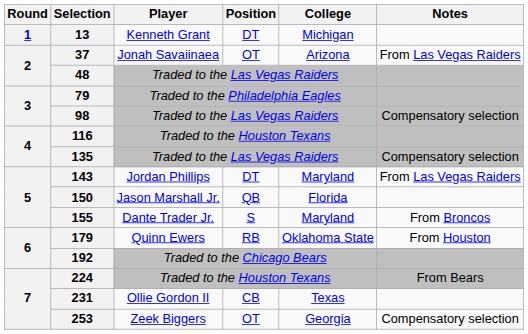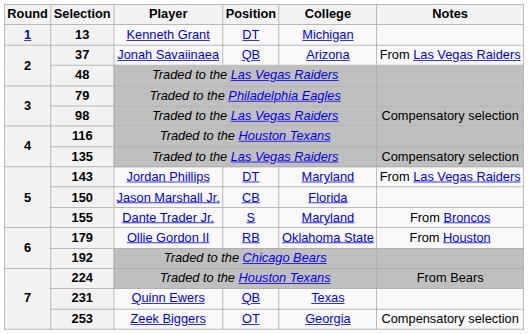 <table class="wikitable" style="text-align:center">
 <tr>
 <th>Round</th>
 <th>Selection</th>
 <th>Player</th>
 <th>Position</th>
 <th>College</th>
 <th>Notes</th>
 </tr>
 <tr>
 <th><a href='#'>1</a></th>
 <th>13</th>
 <td><a href='#'>Kenneth Grant</a></td>
 <td><a href='#'>DT</a></td>
 <td><a href='#'>Michigan</a></td>
 <td></td>
 </tr>
 <tr>
 <th rowspan="2">2</th>
 <th>37</th>
 <td><a href='#'>Jonah Savaiinaea</a></td>
-<td><a href='#'>OT</a></td>
+<td><a href='#'>QB</a></td>
 <td><a href='#'>Arizona</a></td>
 <td>From <a href='#'>Las Vegas Raiders</a></td>
 </tr>
 <tr>
 <th>48</th>
 <td colspan=3 style="background:#BFBFBF"><em>Traded to the <a href='#'>Las Vegas Raiders</a></em></td>
 <td style="background:#BFBFBF"></td>
 </tr>
 <tr>
 <th rowspan="2">3</th>
 <th>79</th>
 <td colspan=3 style="background:#BFBFBF"><em>Traded to the <a href='#'>Philadelphia Eagles</a></em></td>
 <td style="background:#BFBFBF"></td>
 </tr>
 <tr>
 <th>98</th>
 <td colspan=3 style="background:#BFBFBF"><em>Traded to the <a href='#'>Las Vegas Raiders</a></em></td>
 <td style="background:#BFBFBF">Compensatory selection</td>
 </tr>
 <tr>
 <th rowspan="2">4</th>
 <th>116</th>
 <td colspan=3 style="background:#BFBFBF"><em>Traded to the <a href='#'>Houston Texans</a></em></td>
 <td style="background:#BFBFBF"></td>
 </tr>
 <tr>
 <th>135</th>
 <td colspan=3 style="background:#BFBFBF"><em>Traded to the <a href='#'>Las Vegas Raiders</a></em></td>
 <td style="background:#BFBFBF">Compensatory selection</td>
 </tr>
 <tr>
 <th rowspan="3">5</th>
 <th>143</th>
 <td><a href='#'>Jordan Phillips</a></td>
 <td><a href='#'>DT</a></td>
 <td><a href='#'>Maryland</a></td>
 <td>From <a href='#'>Las Vegas Raiders</a></td>
 </tr>
 <tr>
 <th>150</th>
 <td><a href='#'>Jason Marshall Jr.</a></td>
-<td><a href='#'>QB</a></td>
+<td><a href='#'>CB</a></td>
 <td><a href='#'>Florida</a></td>
 <td></td>
 </tr>
 <tr>
 <th>155</th>
 <td><a href='#'>Dante Trader Jr.</a></td>
 <td><a href='#'>S</a></td>
 <td><a href='#'>Maryland</a></td>
 <td>From <a href='#'>Broncos</a></td>
 </tr>
 <tr>
 <th rowspan="2">6</th>
 <th>179</th>
-<td><a href='#'>Quinn Ewers</a></td>
+<td><a href='#'>Ollie Gordon II</a></td>
 <td><a href='#'>RB</a></td>
 <td><a href='#'>Oklahoma State</a></td>
 <td>From <a href='#'>Houston</a></td>
 </tr>
 <tr>
 <th>192</th>
 <td colspan=3 style="background:#BFBFBF"><em>Traded to the <a href='#'>Chicago Bears</a></em></td>
 <td style="background:#BFBFBF"></td>
 </tr>
 <tr>
 <th rowspan="3">7</th>
 <th>224</th>
 <td colspan=3 style="background:#BFBFBF"><em>Traded to the <a href='#'>Houston Texans</a></em></td>
 <td style="background:#BFBFBF">From Bears</td>
 </tr>
 <tr>
 <th>231</th>
-<td><a href='#'>Ollie Gordon II</a></td>
-<td><a href='#'>CB</a></td>
+<td><a href='#'>Quinn Ewers</a></td>
+<td><a href='#'>QB</a></td>
 <td><a href='#'>Texas</a></td>
 <td></td>
 </tr>
 <tr>
 <th>253</th>
 <td><a href='#'>Zeek Biggers</a></td>
 <td><a href='#'>OT</a></td>
 <td><a href='#'>Georgia</a></td>
 <td>Compensatory selection</td>
 </tr>
 </table>
